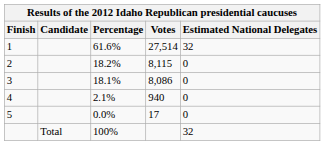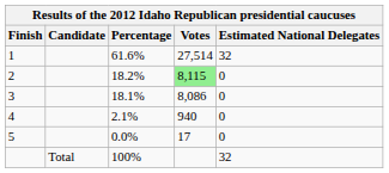 <table class="wikitable sortable">
 <tr>
 <th colspan="5">Results of the 2012 Idaho Republican presidential caucuses</th>
 </tr>
 <tr>
 <th>Finish</th>
 <th>Candidate</th>
 <th>Percentage</th>
 <th>Votes</th>
 <th>Estimated National Delegates</th>
 </tr>
 <tr>
 <td>1</td>
 <td></td>
 <td>61.6%</td>
 <td>27,514</td>
 <td>32</td>
 </tr>
 <tr>
 <td>2</td>
 <td></td>
 <td>18.2%</td>
-<td>8,115</td>
+<td style="background: lightgreen;">8,115</td>
 <td>0</td>
 </tr>
 <tr>
 <td>3</td>
 <td></td>
 <td>18.1%</td>
 <td>8,086</td>
 <td>0</td>
 </tr>
 <tr>
 <td>4</td>
 <td></td>
 <td>2.1%</td>
 <td>940</td>
 <td>0</td>
 </tr>
 <tr>
 <td>5</td>
 <td></td>
 <td>0.0%</td>
 <td>17</td>
 <td>0</td>
 </tr>
 <tr>
 <td></td>
 <td>Total</td>
 <td>100%</td>
 <td></td>
 <td>32</td>
 </tr>
 </table>
